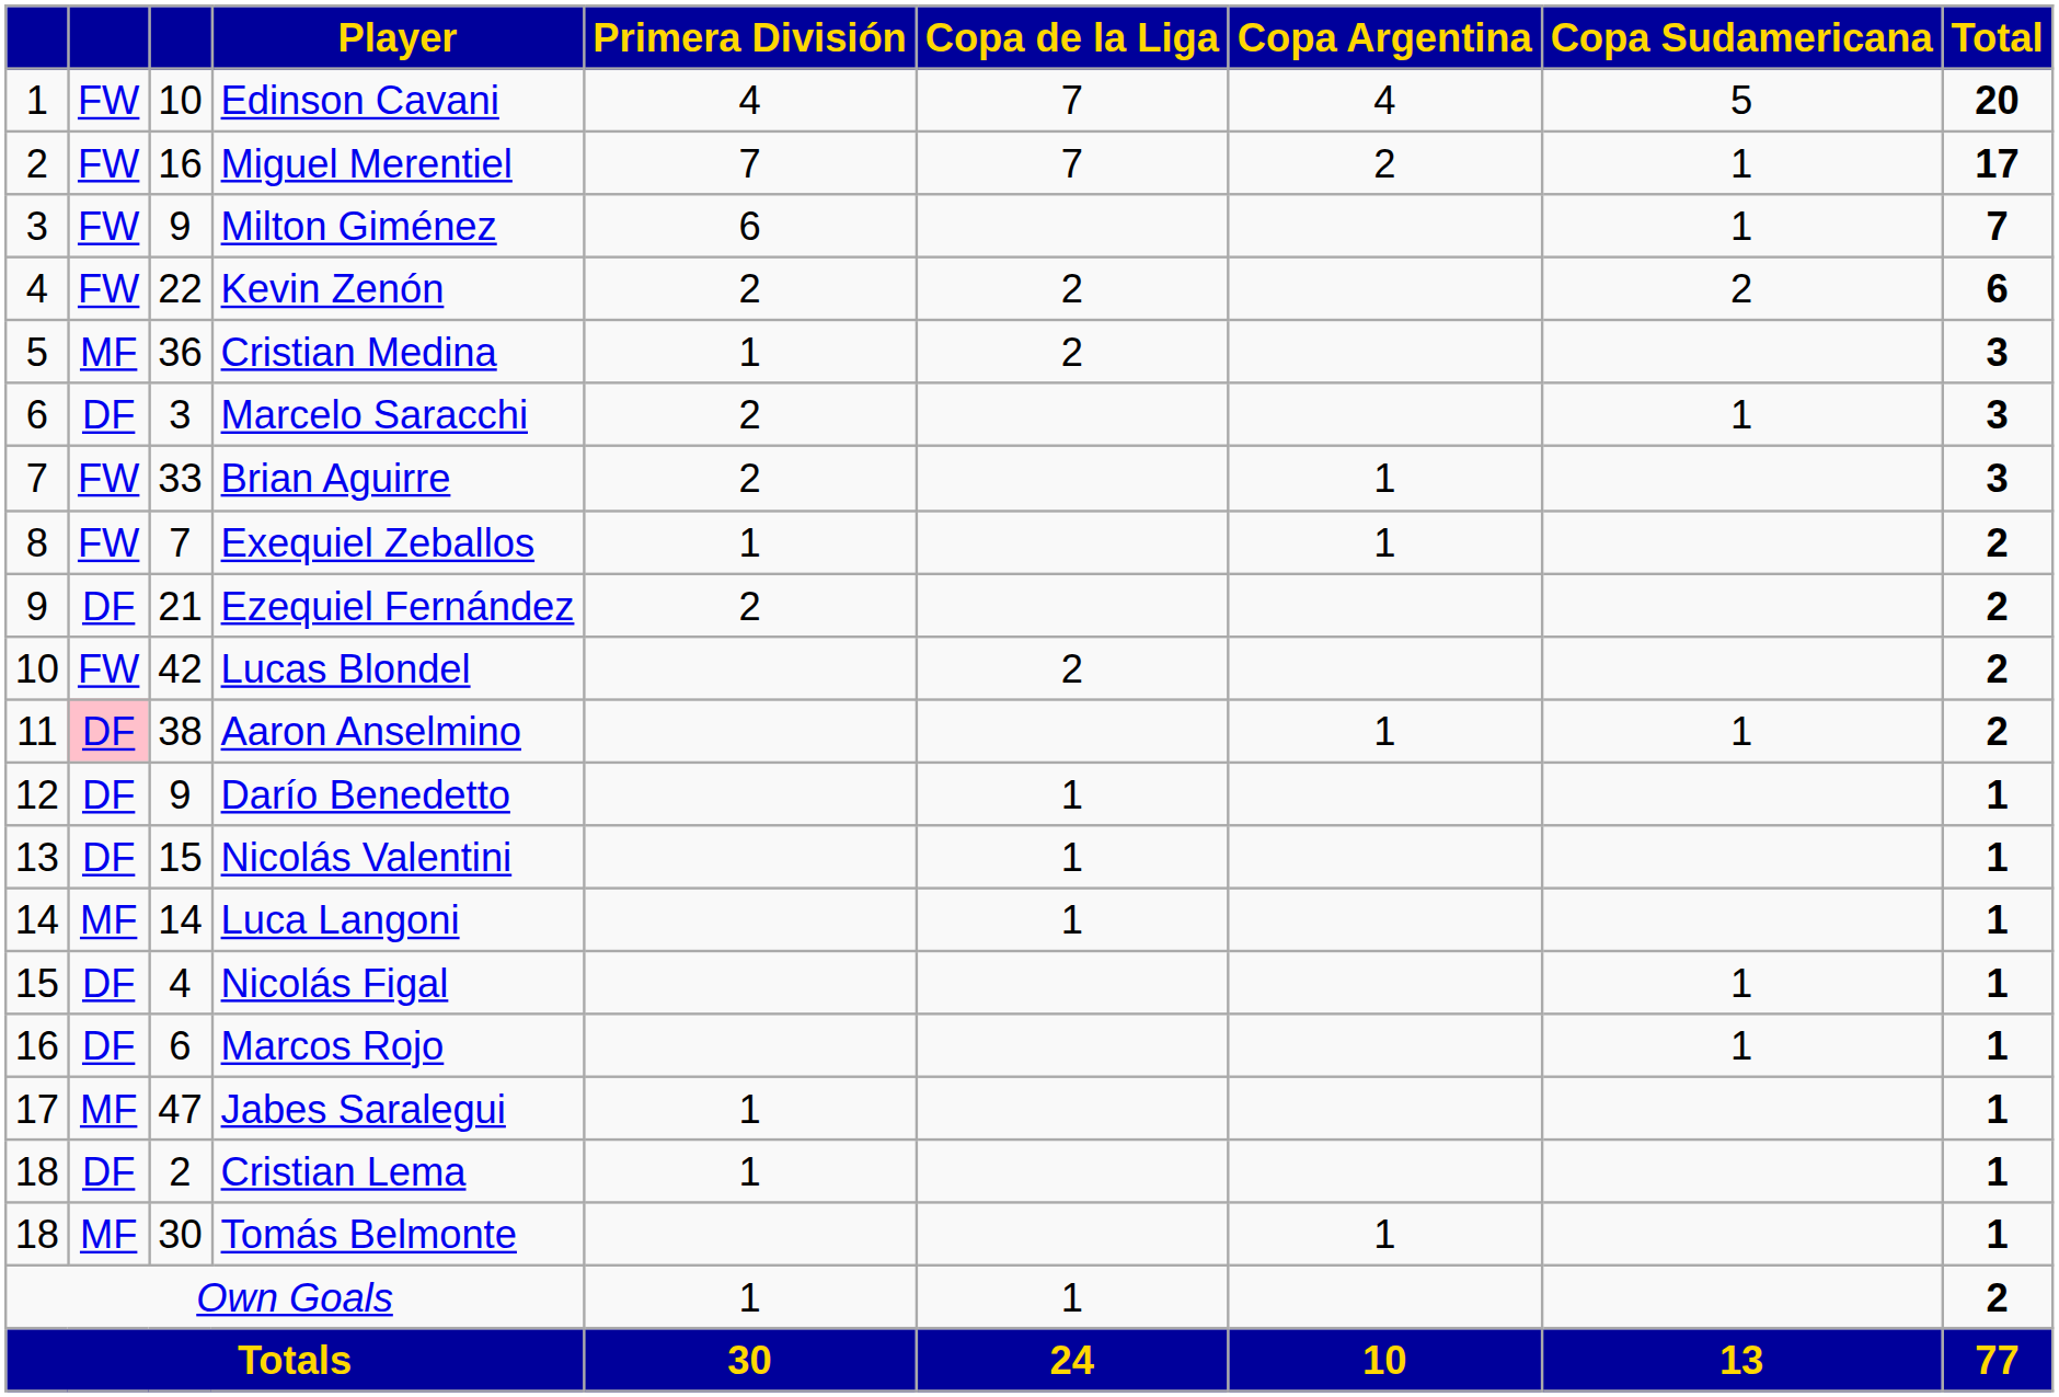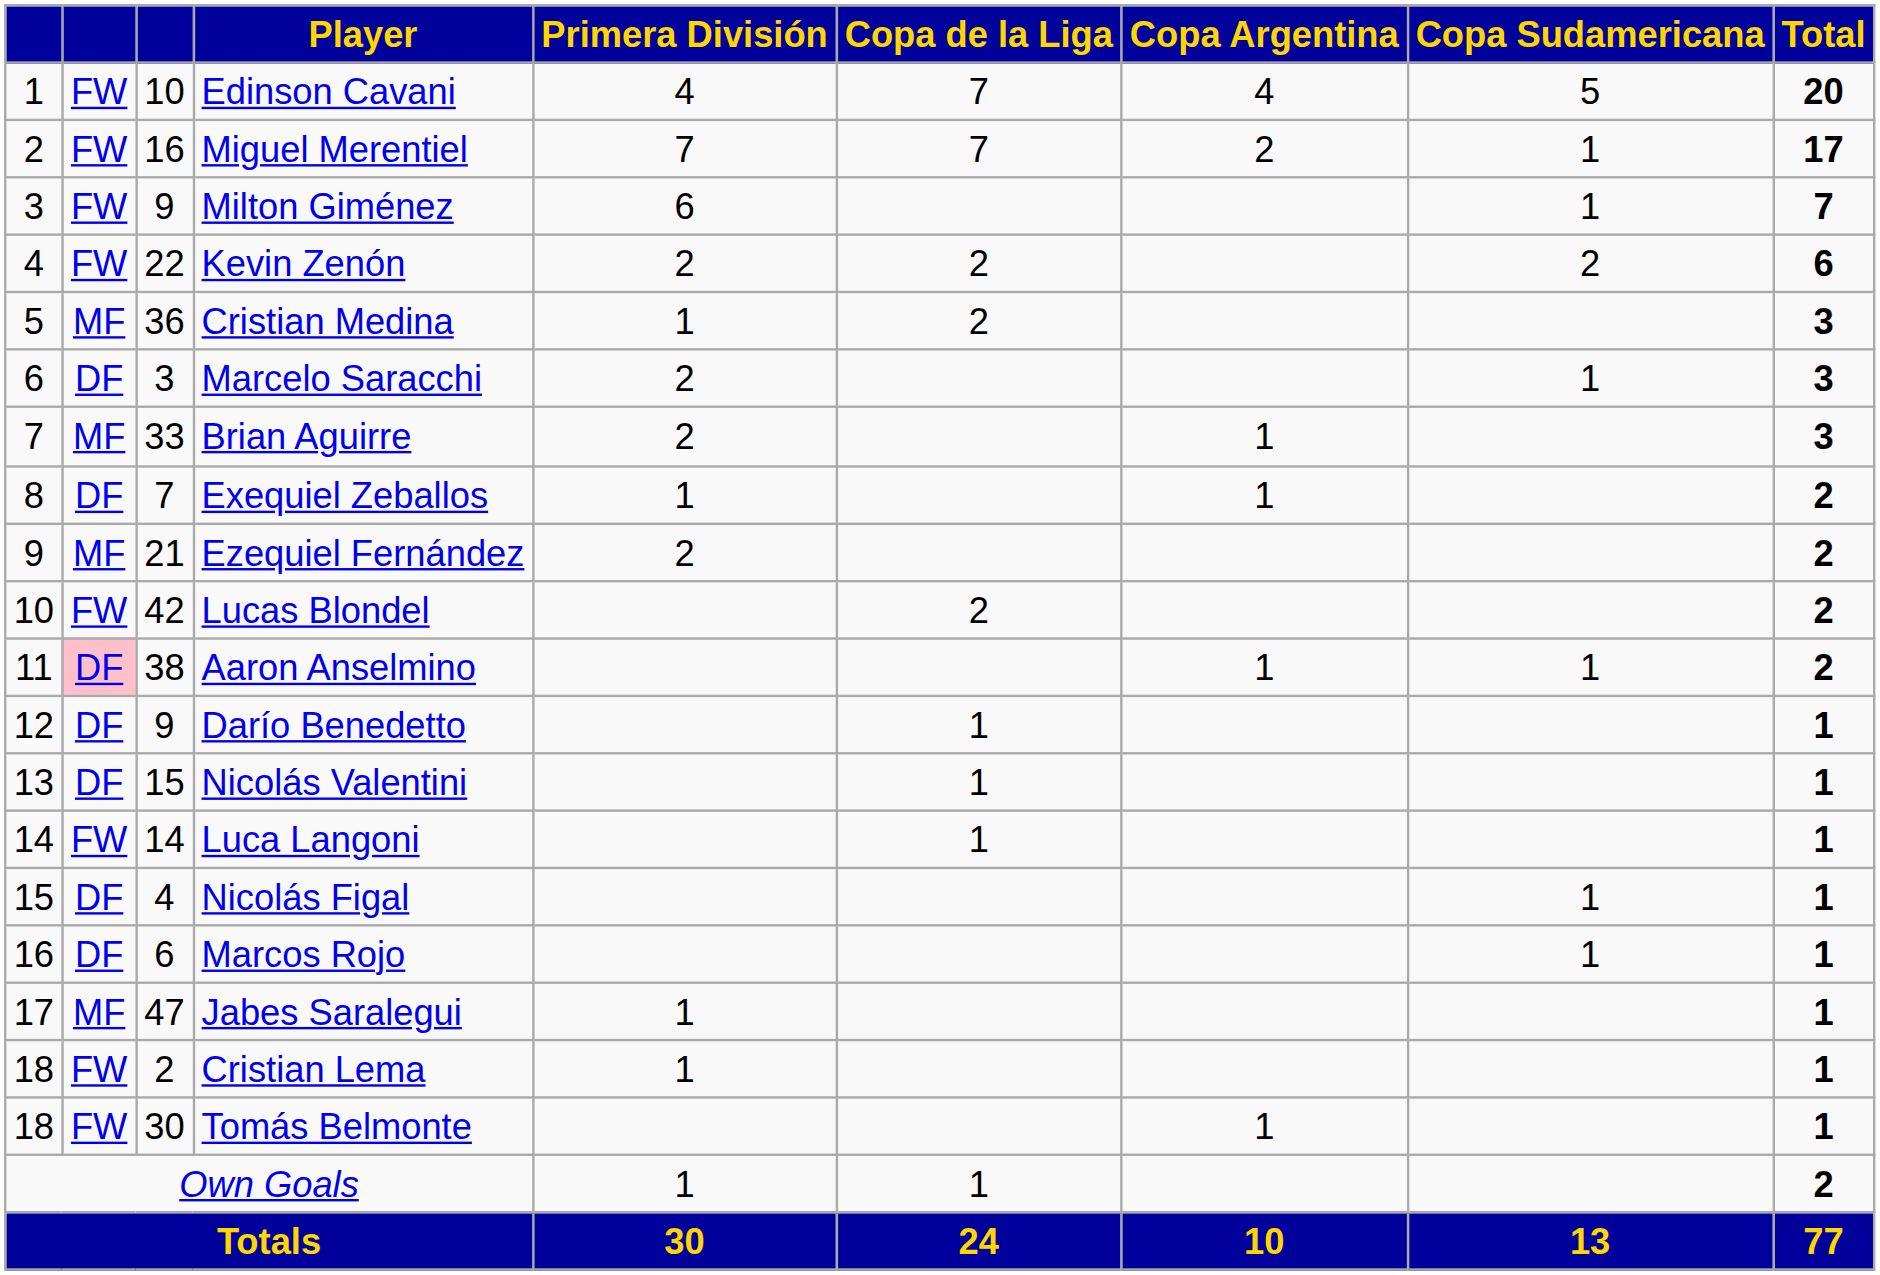 <table class="wikitable sortable" style="font-size: 95%; text-align: center;">
 <tr>
 <th style="background:#00009B; color:gold; width=15"></th>
 <th style="background:#00009B; color:gold; width=15"></th>
 <th style="background:#00009B; color:gold; width=15"></th>
 <th style="background:#00009B; color:gold; width=15 width=150">Player</th>
 <th style="background:#00009B; color:gold; width=15 width=75">Primera División</th>
 <th style="background:#00009B; color:gold; width=15 width=75">Copa de la Liga</th>
 <th style="background:#00009B; color:gold; width=15 width=75">Copa Argentina</th>
 <th style="background:#00009B; color:gold; width=15 width=75">Copa Sudamericana</th>
 <th style="background:#00009B; color:gold; width=15 width=75">Total</th>
 </tr>
 <tr>
 <td>1</td>
 <td><a href='#'>FW</a></td>
 <td>10</td>
 <td align=left> <a href='#'>Edinson Cavani</a></td>
 <td>4</td>
 <td>7</td>
 <td>4</td>
 <td>5</td>
 <td><strong>20</strong></td>
 </tr>
 <tr>
 <td>2</td>
 <td><a href='#'>FW</a></td>
 <td>16</td>
 <td align=left> <a href='#'>Miguel Merentiel</a></td>
 <td>7</td>
 <td>7</td>
 <td>2</td>
 <td>1</td>
 <td><strong>17</strong></td>
 </tr>
 <tr>
 <td>3</td>
 <td><a href='#'>FW</a></td>
 <td>9</td>
 <td align=left> <a href='#'>Milton Giménez</a></td>
 <td>6</td>
 <td></td>
 <td></td>
 <td>1</td>
 <td><strong>7</strong></td>
 </tr>
 <tr>
 <td>4</td>
 <td><a href='#'>FW</a></td>
 <td>22</td>
 <td align=left> <a href='#'>Kevin Zenón</a></td>
 <td>2</td>
 <td>2</td>
 <td></td>
 <td>2</td>
 <td><strong>6</strong></td>
 </tr>
 <tr>
 <td>5</td>
 <td><a href='#'>MF</a></td>
 <td>36</td>
 <td align=left> <a href='#'>Cristian Medina</a></td>
 <td>1</td>
 <td>2</td>
 <td></td>
 <td></td>
 <td><strong>3</strong></td>
 </tr>
 <tr>
 <td>6</td>
 <td><a href='#'>DF</a></td>
 <td>3</td>
 <td align=left> <a href='#'>Marcelo Saracchi</a></td>
 <td>2</td>
 <td></td>
 <td></td>
 <td>1</td>
 <td><strong>3</strong></td>
 </tr>
 <tr>
 <td>7</td>
-<td><a href='#'>FW</a></td>
+<td><a href='#'>MF</a></td>
 <td>33</td>
 <td align=left> <a href='#'>Brian Aguirre</a></td>
 <td>2</td>
 <td></td>
 <td>1</td>
 <td></td>
 <td><strong>3</strong></td>
 </tr>
 <tr>
 <td>8</td>
-<td><a href='#'>FW</a></td>
+<td><a href='#'>DF</a></td>
 <td>7</td>
 <td align=left> <a href='#'>Exequiel Zeballos</a></td>
 <td>1</td>
 <td></td>
 <td>1</td>
 <td></td>
 <td><strong>2</strong></td>
 </tr>
 <tr>
 <td>9</td>
-<td><a href='#'>DF</a></td>
+<td><a href='#'>MF</a></td>
 <td>21</td>
 <td align=left> <a href='#'>Ezequiel Fernández</a></td>
 <td>2</td>
 <td></td>
 <td></td>
 <td></td>
 <td><strong>2</strong></td>
 </tr>
 <tr>
 <td>10</td>
 <td><a href='#'>FW</a></td>
 <td>42</td>
 <td align=left> <a href='#'>Lucas Blondel</a></td>
 <td></td>
 <td>2</td>
 <td></td>
 <td></td>
 <td><strong>2</strong></td>
 </tr>
 <tr>
 <td>11</td>
 <td style="background: pink;"><a href='#'>DF</a></td>
 <td>38</td>
 <td align=left> <a href='#'>Aaron Anselmino</a></td>
 <td></td>
 <td></td>
 <td>1</td>
 <td>1</td>
 <td><strong>2</strong></td>
 </tr>
 <tr>
 <td>12</td>
 <td><a href='#'>DF</a></td>
 <td>9</td>
 <td align=left> <a href='#'>Darío Benedetto</a></td>
 <td></td>
 <td>1</td>
 <td></td>
 <td></td>
 <td><strong>1</strong></td>
 </tr>
 <tr>
 <td>13</td>
 <td><a href='#'>DF</a></td>
 <td>15</td>
 <td align=left> <a href='#'>Nicolás Valentini</a></td>
 <td></td>
 <td>1</td>
 <td></td>
 <td></td>
 <td><strong>1</strong></td>
 </tr>
 <tr>
 <td>14</td>
-<td><a href='#'>MF</a></td>
+<td><a href='#'>FW</a></td>
 <td>14</td>
 <td align=left> <a href='#'>Luca Langoni</a></td>
 <td></td>
 <td>1</td>
 <td></td>
 <td></td>
 <td><strong>1</strong></td>
 </tr>
 <tr>
 <td>15</td>
 <td><a href='#'>DF</a></td>
 <td>4</td>
 <td align=left> <a href='#'>Nicolás Figal</a></td>
 <td></td>
 <td></td>
 <td></td>
 <td>1</td>
 <td><strong>1</strong></td>
 </tr>
 <tr>
 <td>16</td>
 <td><a href='#'>DF</a></td>
 <td>6</td>
 <td align=left> <a href='#'>Marcos Rojo</a></td>
 <td></td>
 <td></td>
 <td></td>
 <td>1</td>
 <td><strong>1</strong></td>
 </tr>
 <tr>
 <td>17</td>
 <td><a href='#'>MF</a></td>
 <td>47</td>
 <td align=left> <a href='#'>Jabes Saralegui</a></td>
 <td>1</td>
 <td></td>
 <td></td>
 <td></td>
 <td><strong>1</strong></td>
 </tr>
 <tr>
 <td>18</td>
-<td><a href='#'>DF</a></td>
+<td><a href='#'>FW</a></td>
 <td>2</td>
 <td align=left> <a href='#'>Cristian Lema</a></td>
 <td>1</td>
 <td></td>
 <td></td>
 <td></td>
 <td><strong>1</strong></td>
 </tr>
 <tr>
 <td>18</td>
-<td><a href='#'>MF</a></td>
+<td><a href='#'>FW</a></td>
 <td>30</td>
 <td align=left> <a href='#'>Tomás Belmonte</a></td>
 <td></td>
 <td></td>
 <td>1</td>
 <td></td>
 <td><strong>1</strong></td>
 </tr>
 <tr>
 <td colspan=4><em><a href='#'>Own Goals</a></em></td>
 <td>1</td>
 <td>1</td>
 <td></td>
 <td></td>
 <td><strong>2</strong></td>
 </tr>
 <tr align=center>
 <th style="background:#00009B; color:gold"; colspan=4><strong>Totals</strong></th>
 <th style="background:#00009B; color:gold";><strong>30</strong></th>
 <th style="background:#00009B; color:gold";><strong>24</strong></th>
 <th style="background:#00009B; color:gold";><strong>10</strong></th>
 <th style="background:#00009B; color:gold";><strong>13</strong></th>
 <th style="background:#00009B; color:gold";><strong>77</strong></th>
 </tr>
 </table>
